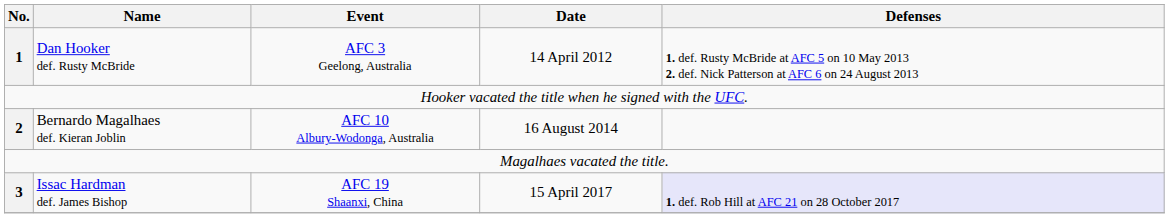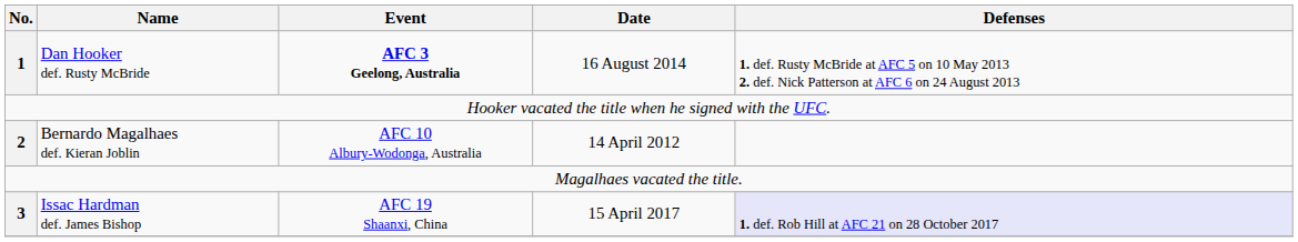 <table class="wikitable">
 <tr>
 <th width=1%>No.</th>
 <th width=19%>Name</th>
 <th width=20%>Event</th>
 <th width=16%>Date</th>
 <th width=44%>Defenses</th>
 </tr>
 <tr>
 <th>1</th>
 <td align=left> <a href='#'>Dan Hooker</a><br><small>def. Rusty McBride</small></td>
-<td align=center><a href='#'>AFC 3</a><br><small>Geelong, Australia</small></td>
-<td align=center>14 April 2012</td>
+<td align=center><strong><a href='#'>AFC 3</a><br><small>Geelong, Australia</small></strong></td>
+<td align=center>16 August 2014</td>
 <td><br><small><strong>1.</strong> def. Rusty McBride at <a href='#'>AFC 5</a> on 10 May 2013<br> <strong>2.</strong> def. Nick Patterson at <a href='#'>AFC 6</a> on 24 August 2013</small></td>
 </tr>
 <tr>
 <td align="center" colspan="5"><em>Hooker vacated the title when he signed with the <a href='#'>UFC</a>.</em></td>
 </tr>
 <tr>
 <th>2</th>
 <td align=left> Bernardo Magalhaes<br><small>def. Kieran Joblin</small></td>
 <td align=center><a href='#'>AFC 10</a><br><small> <a href='#'>Albury-Wodonga</a>, Australia</small></td>
-<td align=center>16 August 2014</td>
+<td align=center>14 April 2012</td>
 <td></td>
 </tr>
 <tr>
 <td align="center" colspan="5"><em>Magalhaes vacated the title.</em></td>
 </tr>
 <tr>
 <th>3</th>
 <td align=left> <a href='#'>Issac Hardman</a><br><small>def. James Bishop</small></td>
 <td align=center><a href='#'>AFC 19</a><br><small><a href='#'>Shaanxi</a>, China</small></td>
 <td align=center>15 April 2017</td>
 <td style="background: lavender;"><br><small><strong>1.</strong> def. Rob Hill at <a href='#'>AFC 21</a> on 28 October 2017</small></td>
 </tr>
 <tr>
 </tr>
 </table>
